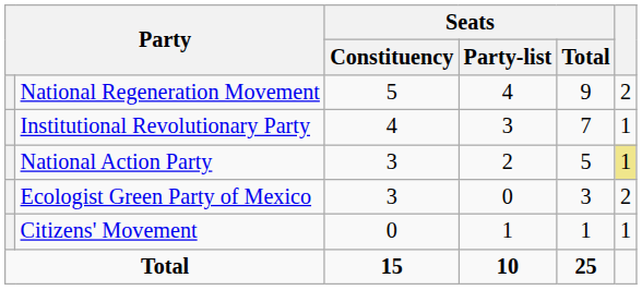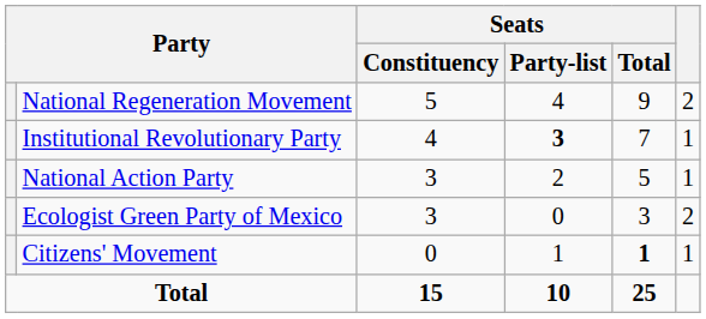 <table class="wikitable" style="text-align:center;">
 <tr>
 <th colspan="2" rowspan="2">Party</th>
 <th colspan="3">Seats</th>
 <th rowspan="2"></th>
 </tr>
 <tr>
 <th style="width:3em"><strong>Constituency</strong></th>
 <th>Party-list</th>
 <th>Total</th>
 </tr>
 <tr>
 <th style="background-color:"></th>
 <td style="text-align:left;"><a href='#'>National Regeneration Movement</a></td>
 <td>5</td>
 <td>4</td>
 <td>9</td>
 <td> 2</td>
 </tr>
 <tr>
 <th style="background-color:"></th>
 <td style="text-align:left;"><a href='#'>Institutional Revolutionary Party</a></td>
 <td>4</td>
-<td>3</td>
+<td><strong>3</strong></td>
 <td>7</td>
 <td> 1</td>
 </tr>
 <tr>
 <th style="background-color:"></th>
 <td style="text-align:left;"><a href='#'>National Action Party</a></td>
 <td>3</td>
 <td>2</td>
 <td>5</td>
-<td style="background: khaki;"> 1</td>
+<td> 1</td>
 </tr>
 <tr>
 <th style="background-color:"></th>
 <td style="text-align:left;"><a href='#'>Ecologist Green Party of Mexico</a></td>
 <td>3</td>
 <td>0</td>
 <td>3</td>
 <td> 2</td>
 </tr>
 <tr>
 <th style="background-color:"></th>
 <td style="text-align:left;"><a href='#'>Citizens' Movement</a></td>
 <td>0</td>
 <td>1</td>
-<td>1</td>
+<td><strong>1</strong></td>
 <td> 1</td>
 </tr>
 <tr>
 <td colspan="2"><strong>Total</strong></td>
 <td><strong>15</strong></td>
 <td><strong>10</strong></td>
 <td><strong>25</strong></td>
 <td></td>
 </tr>
 </table>
